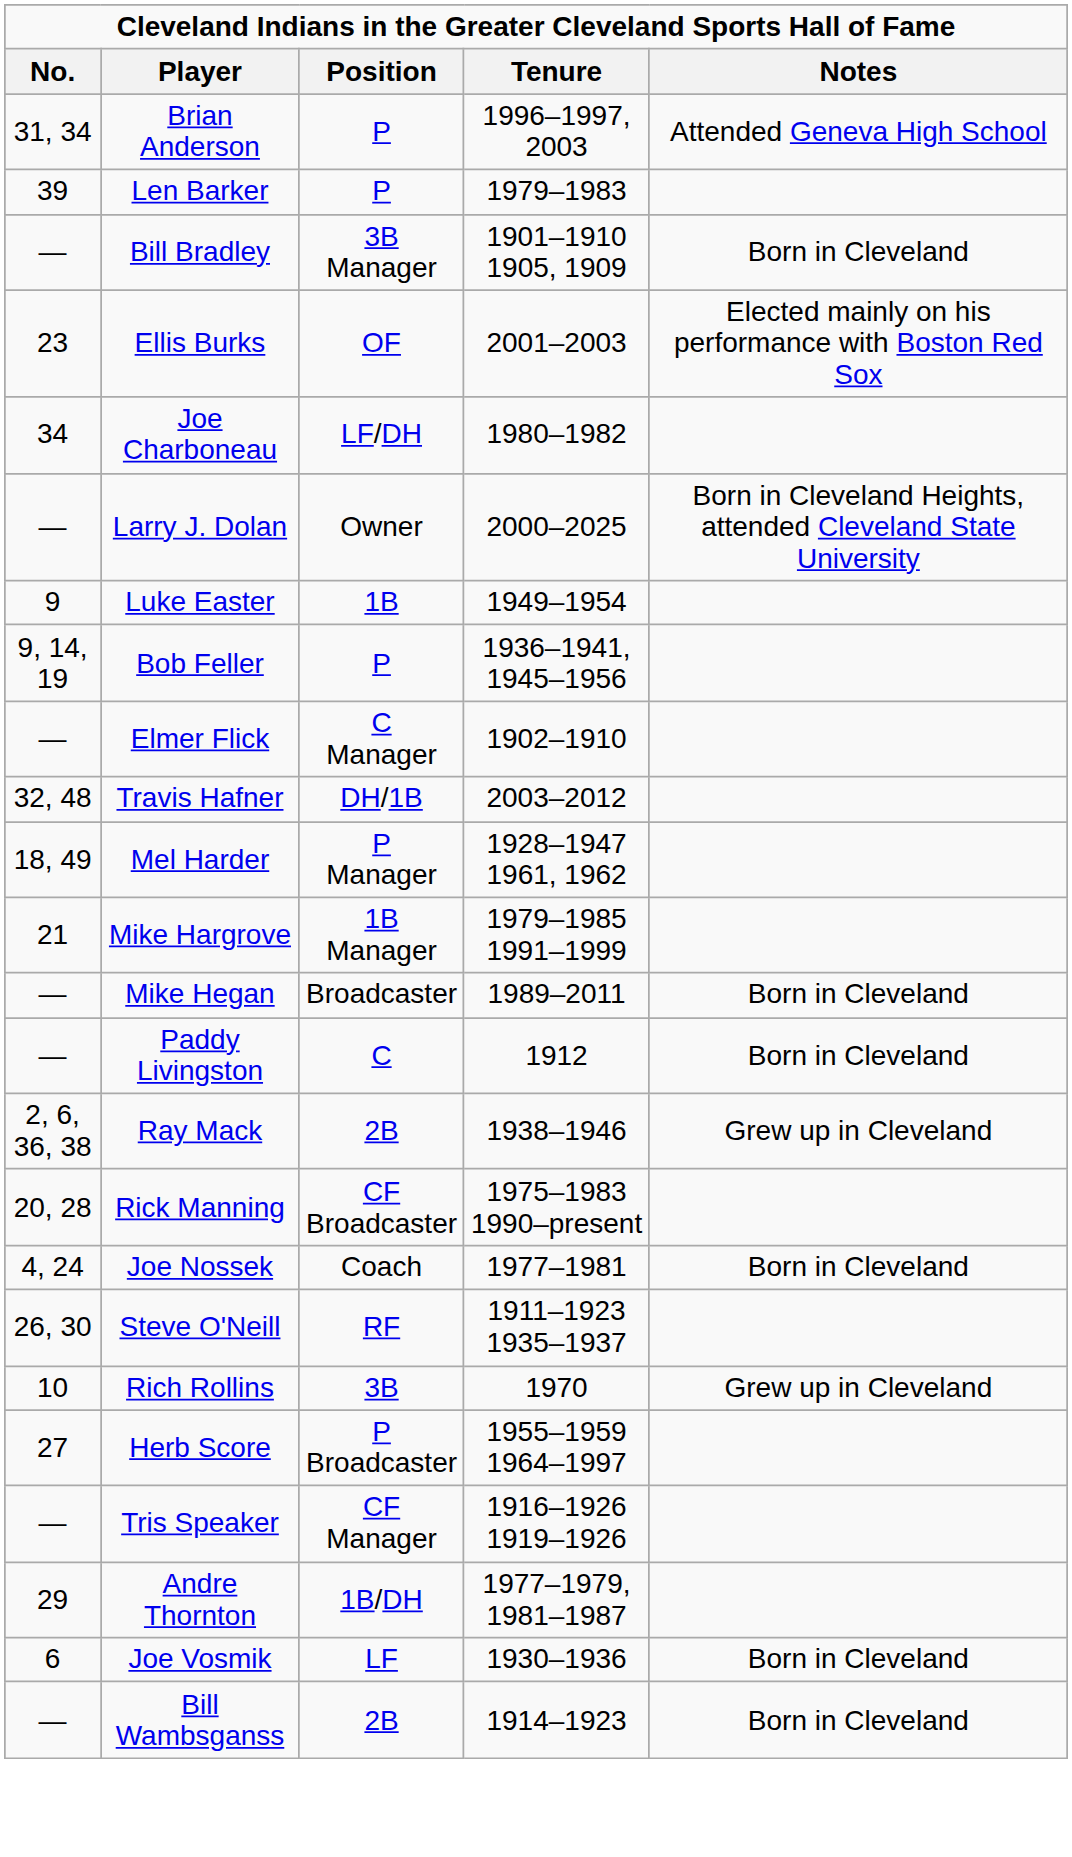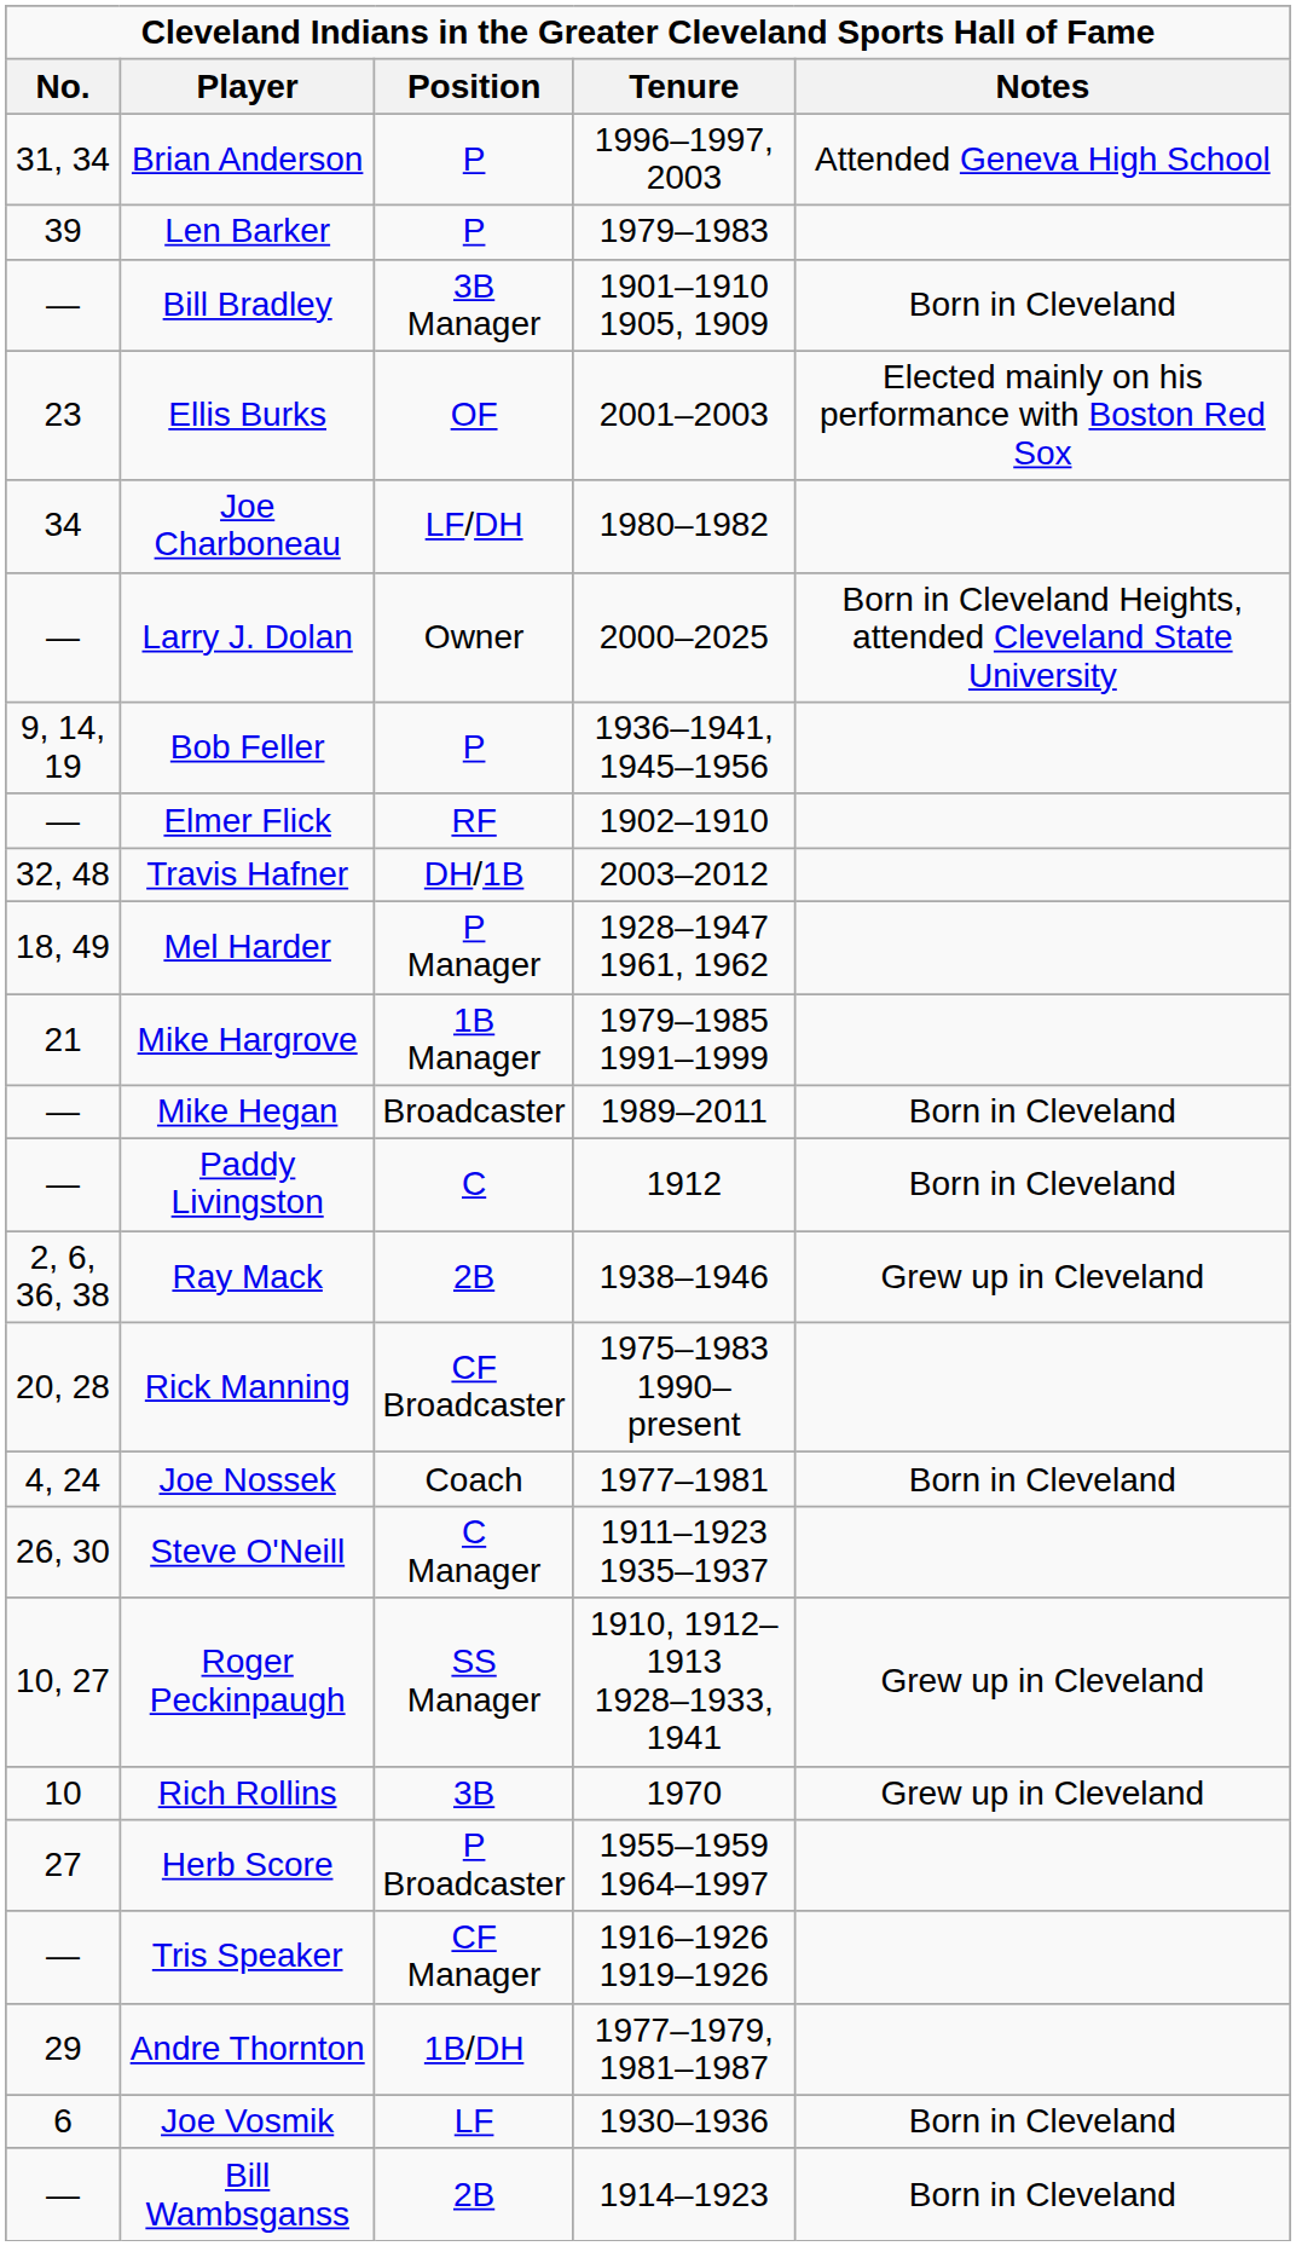 <table class="wikitable" style="text-align:center">
 <tr>
 <td colspan="5"><strong>Cleveland Indians in the Greater Cleveland Sports Hall of Fame</strong></td>
 </tr>
 <tr>
 <th>No.</th>
 <th>Player</th>
 <th>Position</th>
 <th>Tenure</th>
 <th>Notes</th>
 </tr>
 <tr>
 <td>31, 34</td>
 <td><a href='#'>Brian Anderson</a></td>
 <td><a href='#'>P</a></td>
 <td>1996–1997, 2003</td>
 <td>Attended <a href='#'>Geneva High School</a></td>
 </tr>
 <tr>
 <td>39</td>
 <td><a href='#'>Len Barker</a></td>
 <td><a href='#'>P</a></td>
 <td>1979–1983</td>
 <td></td>
 </tr>
 <tr>
 <td>—</td>
 <td><a href='#'>Bill Bradley</a></td>
 <td><a href='#'>3B</a><br>Manager</td>
 <td>1901–1910<br>1905, 1909</td>
 <td>Born in Cleveland</td>
 </tr>
 <tr>
 <td>23</td>
 <td><a href='#'>Ellis Burks</a></td>
 <td><a href='#'>OF</a></td>
 <td>2001–2003</td>
 <td>Elected mainly on his performance with <a href='#'>Boston Red Sox</a></td>
 </tr>
 <tr>
 <td>34</td>
 <td><a href='#'>Joe Charboneau</a></td>
 <td><a href='#'>LF</a>/<a href='#'>DH</a></td>
 <td>1980–1982</td>
 <td></td>
 </tr>
 <tr>
 <td>—</td>
 <td><a href='#'>Larry J. Dolan</a></td>
 <td>Owner</td>
 <td>2000–2025</td>
 <td>Born in Cleveland Heights, attended <a href='#'>Cleveland State University</a></td>
 </tr>
 <tr>
-<td>9</td>
-<td><a href='#'>Luke Easter</a></td>
-<td><a href='#'>1B</a></td>
-<td>1949–1954</td>
-<td></td>
-</tr>
-<tr>
 <td>9, 14, 19</td>
 <td><a href='#'>Bob Feller</a></td>
 <td><a href='#'>P</a></td>
 <td>1936–1941, 1945–1956</td>
 <td></td>
 </tr>
 <tr>
 <td>—</td>
 <td><a href='#'>Elmer Flick</a></td>
-<td><a href='#'>C</a><br>Manager</td>
+<td><a href='#'>RF</a></td>
 <td>1902–1910</td>
 <td></td>
 </tr>
 <tr>
 <td>32, 48</td>
 <td><a href='#'>Travis Hafner</a></td>
 <td><a href='#'>DH</a>/<a href='#'>1B</a></td>
 <td>2003–2012</td>
 <td></td>
 </tr>
 <tr>
 <td>18, 49</td>
 <td><a href='#'>Mel Harder</a></td>
 <td><a href='#'>P</a><br>Manager</td>
 <td>1928–1947<br>1961, 1962</td>
 <td></td>
 </tr>
 <tr>
 <td>21</td>
 <td><a href='#'>Mike Hargrove</a></td>
 <td><a href='#'>1B</a><br>Manager</td>
 <td>1979–1985<br>1991–1999</td>
 <td></td>
 </tr>
 <tr>
 <td>—</td>
 <td><a href='#'>Mike Hegan</a></td>
 <td>Broadcaster</td>
 <td>1989–2011</td>
 <td>Born in Cleveland</td>
 </tr>
 <tr>
 <td>—</td>
 <td><a href='#'>Paddy Livingston</a></td>
 <td><a href='#'>C</a></td>
 <td>1912</td>
 <td>Born in Cleveland</td>
 </tr>
 <tr>
 <td>2, 6, 36, 38</td>
 <td><a href='#'>Ray Mack</a></td>
 <td><a href='#'>2B</a></td>
 <td>1938–1946</td>
 <td>Grew up in Cleveland</td>
 </tr>
 <tr>
 <td>20, 28</td>
 <td><a href='#'>Rick Manning</a></td>
 <td><a href='#'>CF</a><br>Broadcaster</td>
 <td>1975–1983<br>1990–present</td>
 <td></td>
 </tr>
 <tr>
 <td>4, 24</td>
 <td><a href='#'>Joe Nossek</a></td>
 <td>Coach</td>
 <td>1977–1981</td>
 <td>Born in Cleveland</td>
 </tr>
 <tr>
 <td>26, 30</td>
 <td><a href='#'>Steve O'Neill</a></td>
-<td><a href='#'>RF</a></td>
+<td><a href='#'>C</a><br>Manager</td>
 <td>1911–1923<br>1935–1937</td>
 <td></td>
+</tr>
+<tr>
+<td>10, 27</td>
+<td><a href='#'>Roger Peckinpaugh</a></td>
+<td><a href='#'>SS</a><br>Manager</td>
+<td>1910, 1912–1913<br>1928–1933, 1941</td>
+<td>Grew up in Cleveland</td>
 </tr>
 <tr>
 <td>10</td>
 <td><a href='#'>Rich Rollins</a></td>
 <td><a href='#'>3B</a></td>
 <td>1970</td>
 <td>Grew up in Cleveland</td>
 </tr>
 <tr>
 <td>27</td>
 <td><a href='#'>Herb Score</a></td>
 <td><a href='#'>P</a><br>Broadcaster</td>
 <td>1955–1959<br>1964–1997</td>
 <td></td>
 </tr>
 <tr>
 <td>—</td>
 <td><a href='#'>Tris Speaker</a></td>
 <td><a href='#'>CF</a><br>Manager</td>
 <td>1916–1926<br>1919–1926</td>
 <td></td>
 </tr>
 <tr>
 <td>29</td>
 <td><a href='#'>Andre Thornton</a></td>
 <td><a href='#'>1B</a>/<a href='#'>DH</a></td>
 <td>1977–1979, 1981–1987</td>
 <td></td>
 </tr>
 <tr>
 <td>6</td>
 <td><a href='#'>Joe Vosmik</a></td>
 <td><a href='#'>LF</a></td>
 <td>1930–1936</td>
 <td>Born in Cleveland</td>
 </tr>
 <tr>
 <td>—</td>
 <td><a href='#'>Bill Wambsganss</a></td>
 <td><a href='#'>2B</a></td>
 <td>1914–1923</td>
 <td>Born in Cleveland</td>
 </tr>
 </table>
